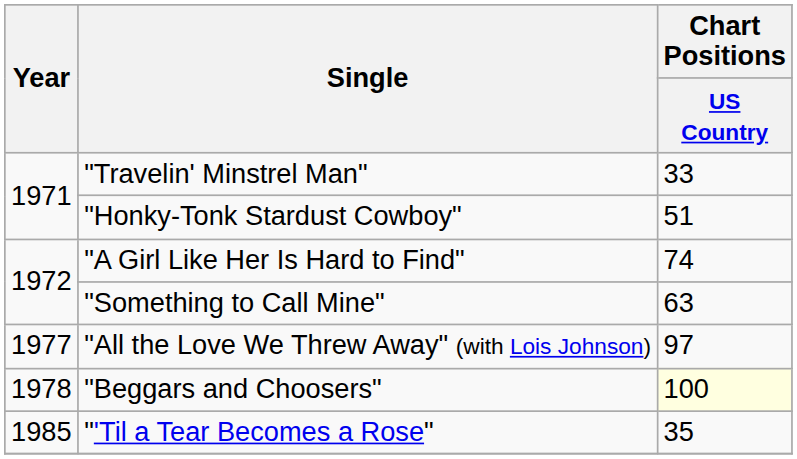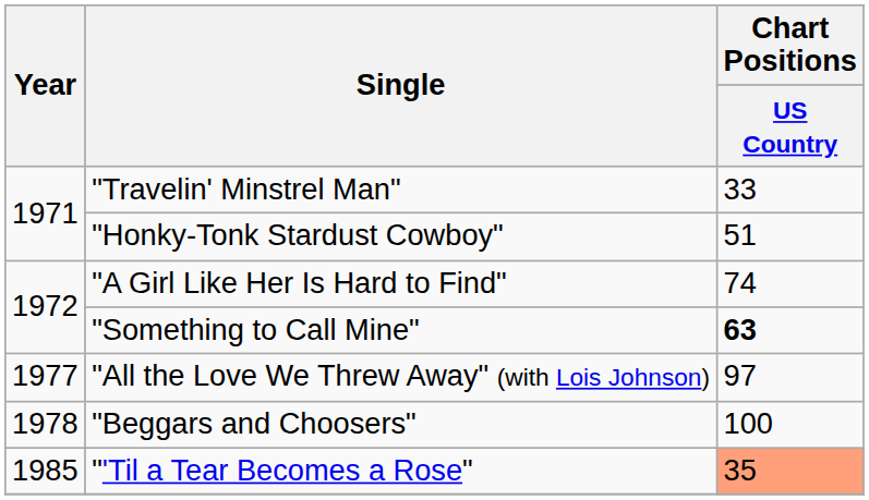 <table class="wikitable">
 <tr>
 <th rowspan="2">Year</th>
 <th rowspan="2">Single</th>
 <th colspan="1">Chart Positions</th>
 </tr>
 <tr>
 <th width="50"><small><a href='#'>US Country</a></small></th>
 </tr>
 <tr>
 <td rowspan=2>1971</td>
 <td>"Travelin' Minstrel Man"</td>
 <td>33</td>
 </tr>
 <tr>
 <td>"Honky-Tonk Stardust Cowboy"</td>
 <td>51</td>
 </tr>
 <tr>
 <td rowspan=2>1972</td>
 <td>"A Girl Like Her Is Hard to Find"</td>
 <td>74</td>
 </tr>
 <tr>
 <td>"Something to Call Mine"</td>
-<td>63</td>
+<td><strong>63</strong></td>
 </tr>
 <tr>
 <td>1977</td>
 <td>"All the Love We Threw Away" <small>(with <a href='#'>Lois Johnson</a>)</small></td>
 <td>97</td>
 </tr>
 <tr>
 <td>1978</td>
 <td>"Beggars and Choosers"</td>
-<td style="background: lightyellow;">100</td>
+<td>100</td>
 </tr>
 <tr>
 <td>1985</td>
 <td>"<a href='#'>'Til a Tear Becomes a Rose</a>"</td>
-<td>35</td>
+<td style="background: lightsalmon;">35</td>
 </tr>
 <tr>
 </tr>
 </table>
